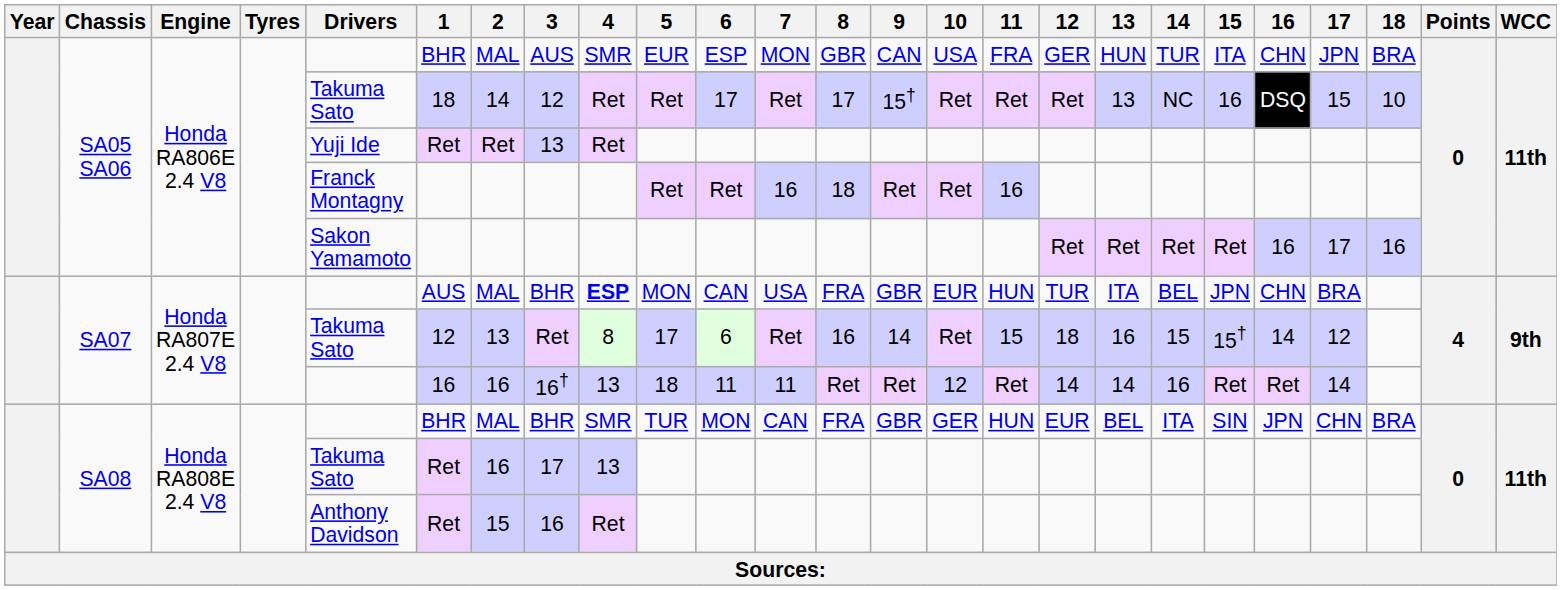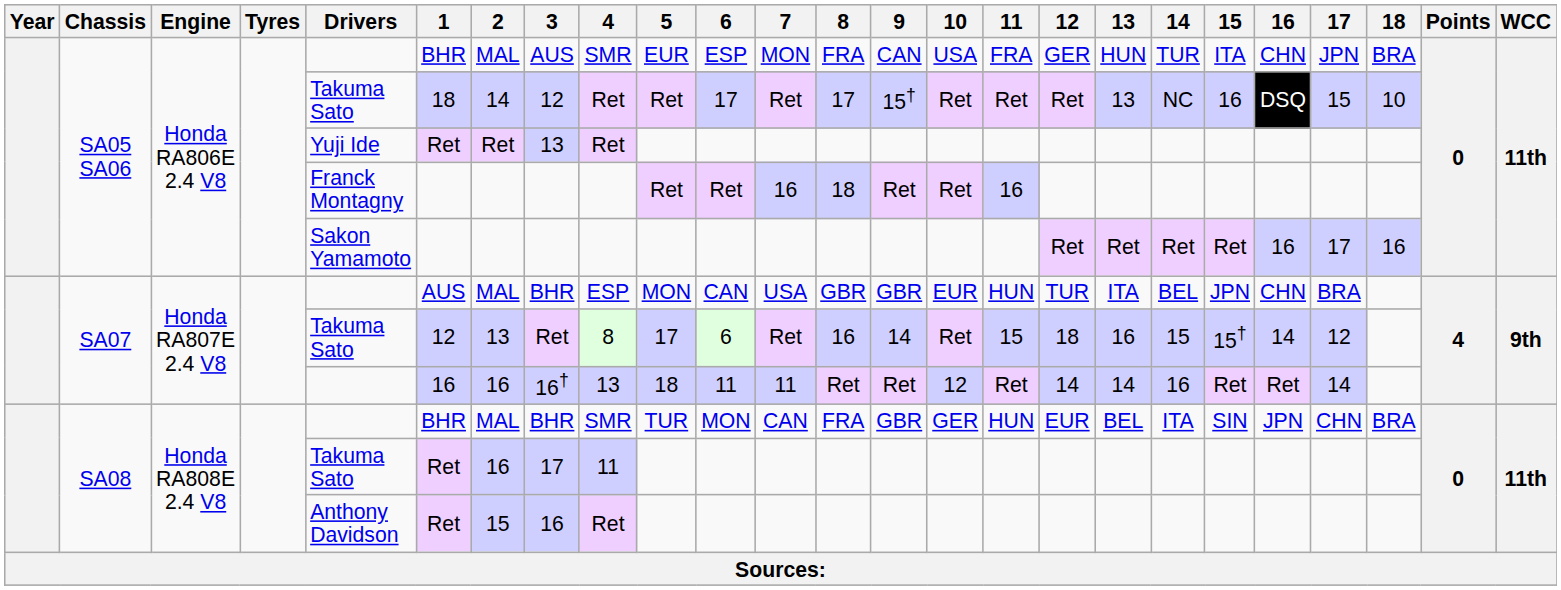 <table class="wikitable" style="text-align:center; font-size:85%">
 <tr>
 <th>Year</th>
 <th>Chassis</th>
 <th>Engine</th>
 <th>Tyres</th>
 <th>Drivers</th>
 <th>1</th>
 <th>2</th>
 <th>3</th>
 <th>4</th>
 <th>5</th>
 <th>6</th>
 <th>7</th>
 <th>8</th>
 <th>9</th>
 <th>10</th>
 <th>11</th>
 <th>12</th>
 <th>13</th>
 <th>14</th>
 <th>15</th>
 <th>16</th>
 <th>17</th>
 <th>18</th>
 <th>Points</th>
 <th>WCC</th>
 </tr>
 <tr>
 <th rowspan="5"></th>
 <td rowspan="5"><a href='#'>SA05</a><br><a href='#'>SA06</a></td>
 <td rowspan="5"><a href='#'>Honda</a> RA806E 2.4 <a href='#'>V8</a></td>
 <td rowspan="5"></td>
 <td></td>
 <td><a href='#'>BHR</a></td>
 <td><a href='#'>MAL</a></td>
 <td><a href='#'>AUS</a></td>
 <td><a href='#'>SMR</a></td>
 <td><a href='#'>EUR</a></td>
 <td><a href='#'>ESP</a></td>
 <td><a href='#'>MON</a></td>
-<td><a href='#'>GBR</a></td>
+<td><a href='#'>FRA</a></td>
 <td><a href='#'>CAN</a></td>
 <td><a href='#'>USA</a></td>
 <td><a href='#'>FRA</a></td>
 <td><a href='#'>GER</a></td>
 <td><a href='#'>HUN</a></td>
 <td><a href='#'>TUR</a></td>
 <td><a href='#'>ITA</a></td>
 <td><a href='#'>CHN</a></td>
 <td><a href='#'>JPN</a></td>
 <td><a href='#'>BRA</a></td>
 <th rowspan="5">0</th>
 <th rowspan="5">11th</th>
 </tr>
 <tr>
 <td align=left> <a href='#'>Takuma Sato</a></td>
 <td style="background:#cfcfff;">18</td>
 <td style="background:#cfcfff;">14</td>
 <td style="background:#cfcfff;">12</td>
 <td style="background:#efcfff;">Ret</td>
 <td style="background:#efcfff;">Ret</td>
 <td style="background:#cfcfff;">17</td>
 <td style="background:#efcfff;">Ret</td>
 <td style="background:#cfcfff;">17</td>
 <td style="background:#cfcfff;">15<sup>†</sup></td>
 <td style="background:#efcfff;">Ret</td>
 <td style="background:#efcfff;">Ret</td>
 <td style="background:#efcfff;">Ret</td>
 <td style="background:#cfcfff;">13</td>
 <td style="background:#cfcfff;">NC</td>
 <td style="background:#cfcfff;">16</td>
 <td style="background:#000; color:white;">DSQ</td>
 <td style="background:#cfcfff;">15</td>
 <td style="background:#cfcfff;">10</td>
 </tr>
 <tr>
 <td align=left> <a href='#'>Yuji Ide</a></td>
 <td style="background:#efcfff;">Ret</td>
 <td style="background:#efcfff;">Ret</td>
 <td style="background:#cfcfff;">13</td>
 <td style="background:#efcfff;">Ret</td>
 <td></td>
 <td></td>
 <td></td>
 <td></td>
 <td></td>
 <td></td>
 <td></td>
 <td></td>
 <td></td>
 <td></td>
 <td></td>
 <td></td>
 <td></td>
 <td></td>
 </tr>
 <tr>
 <td align=left> <a href='#'>Franck Montagny</a></td>
 <td></td>
 <td></td>
 <td></td>
 <td></td>
 <td style="background:#efcfff;">Ret</td>
 <td style="background:#efcfff;">Ret</td>
 <td style="background:#cfcfff;">16</td>
 <td style="background:#cfcfff;">18</td>
 <td style="background:#efcfff;">Ret</td>
 <td style="background:#efcfff;">Ret</td>
 <td style="background:#cfcfff;">16</td>
 <td></td>
 <td></td>
 <td></td>
 <td></td>
 <td></td>
 <td></td>
 <td></td>
 </tr>
 <tr>
 <td align=left> <a href='#'>Sakon Yamamoto</a></td>
 <td></td>
 <td></td>
 <td></td>
 <td></td>
 <td></td>
 <td></td>
 <td></td>
 <td></td>
 <td></td>
 <td></td>
 <td></td>
 <td style="background:#efcfff;">Ret</td>
 <td style="background:#efcfff;">Ret</td>
 <td style="background:#efcfff;">Ret</td>
 <td style="background:#efcfff;">Ret</td>
 <td style="background:#cfcfff;">16</td>
 <td style="background:#cfcfff;">17</td>
 <td style="background:#cfcfff;">16</td>
 </tr>
 <tr>
 <th rowspan="3"></th>
 <td rowspan="3"><a href='#'>SA07</a></td>
 <td rowspan="3"><a href='#'>Honda</a> RA807E 2.4 <a href='#'>V8</a></td>
 <td rowspan="3"></td>
 <td></td>
 <td><a href='#'>AUS</a></td>
 <td><a href='#'>MAL</a></td>
 <td><a href='#'>BHR</a></td>
-<td><strong><a href='#'>ESP</a></strong></td>
+<td><a href='#'>ESP</a></td>
 <td><a href='#'>MON</a></td>
 <td><a href='#'>CAN</a></td>
 <td><a href='#'>USA</a></td>
-<td><a href='#'>FRA</a></td>
+<td><a href='#'>GBR</a></td>
 <td><a href='#'>GBR</a></td>
 <td><a href='#'>EUR</a></td>
 <td><a href='#'>HUN</a></td>
 <td><a href='#'>TUR</a></td>
 <td><a href='#'>ITA</a></td>
 <td><a href='#'>BEL</a></td>
 <td><a href='#'>JPN</a></td>
 <td><a href='#'>CHN</a></td>
 <td><a href='#'>BRA</a></td>
 <td></td>
 <th rowspan="3">4</th>
 <th rowspan="3">9th</th>
 </tr>
 <tr>
 <td align=left> <a href='#'>Takuma Sato</a></td>
 <td style="background:#cfcfff;">12</td>
 <td style="background:#cfcfff;">13</td>
 <td style="background:#efcfff;">Ret</td>
 <td style="background:#dfffdf;">8</td>
 <td style="background:#cfcfff;">17</td>
 <td style="background:#dfffdf;">6</td>
 <td style="background:#efcfff;">Ret</td>
 <td style="background:#cfcfff;">16</td>
 <td style="background:#cfcfff;">14</td>
 <td style="background:#efcfff;">Ret</td>
 <td style="background:#cfcfff;">15</td>
 <td style="background:#cfcfff;">18</td>
 <td style="background:#cfcfff;">16</td>
 <td style="background:#cfcfff;">15</td>
 <td style="background:#cfcfff;">15<sup>†</sup></td>
 <td style="background:#cfcfff;">14</td>
 <td style="background:#cfcfff;">12</td>
 <td></td>
 </tr>
 <tr>
 <td align=left></td>
 <td style="background:#cfcfff;">16</td>
 <td style="background:#cfcfff;">16</td>
 <td style="background:#cfcfff;">16<sup>†</sup></td>
 <td style="background:#cfcfff;">13</td>
 <td style="background:#cfcfff;">18</td>
 <td style="background:#cfcfff;">11</td>
 <td style="background:#cfcfff;">11</td>
 <td style="background:#efcfff;">Ret</td>
 <td style="background:#efcfff;">Ret</td>
 <td style="background:#cfcfff;">12</td>
 <td style="background:#efcfff;">Ret</td>
 <td style="background:#cfcfff;">14</td>
 <td style="background:#cfcfff;">14</td>
 <td style="background:#cfcfff;">16</td>
 <td style="background:#efcfff;">Ret</td>
 <td style="background:#efcfff;">Ret</td>
 <td style="background:#cfcfff;">14</td>
 <td></td>
 </tr>
 <tr>
 <th rowspan="3"></th>
 <td rowspan="3"><a href='#'>SA08</a></td>
 <td rowspan="3"><a href='#'>Honda</a> RA808E 2.4 <a href='#'>V8</a></td>
 <td rowspan="3"></td>
 <td></td>
 <td><a href='#'>BHR</a></td>
 <td><a href='#'>MAL</a></td>
 <td><a href='#'>BHR</a></td>
 <td><a href='#'>SMR</a></td>
 <td><a href='#'>TUR</a></td>
 <td><a href='#'>MON</a></td>
 <td><a href='#'>CAN</a></td>
 <td><a href='#'>FRA</a></td>
 <td><a href='#'>GBR</a></td>
 <td><a href='#'>GER</a></td>
 <td><a href='#'>HUN</a></td>
 <td><a href='#'>EUR</a></td>
 <td><a href='#'>BEL</a></td>
 <td><a href='#'>ITA</a></td>
 <td><a href='#'>SIN</a></td>
 <td><a href='#'>JPN</a></td>
 <td><a href='#'>CHN</a></td>
 <td><a href='#'>BRA</a></td>
 <th rowspan="3">0</th>
 <th rowspan="3">11th</th>
 </tr>
 <tr>
 <td align=left> <a href='#'>Takuma Sato</a></td>
 <td style="background:#efcfff;">Ret</td>
 <td style="background:#cfcfff;">16</td>
 <td style="background:#cfcfff;">17</td>
-<td style="background:#cfcfff;">13</td>
+<td style="background:#cfcfff;">11</td>
 <td></td>
 <td></td>
 <td></td>
 <td></td>
 <td></td>
 <td></td>
 <td></td>
 <td></td>
 <td></td>
 <td></td>
 <td></td>
 <td></td>
 <td></td>
 <td></td>
 </tr>
 <tr>
 <td align=left> <a href='#'>Anthony Davidson</a></td>
 <td style="background:#efcfff;">Ret</td>
 <td style="background:#cfcfff;">15</td>
 <td style="background:#cfcfff;">16</td>
 <td style="background:#efcfff;">Ret</td>
 <td></td>
 <td></td>
 <td></td>
 <td></td>
 <td></td>
 <td></td>
 <td></td>
 <td></td>
 <td></td>
 <td></td>
 <td></td>
 <td></td>
 <td></td>
 <td></td>
 </tr>
 <tr>
 <th colspan="25">Sources:</th>
 </tr>
 </table>
